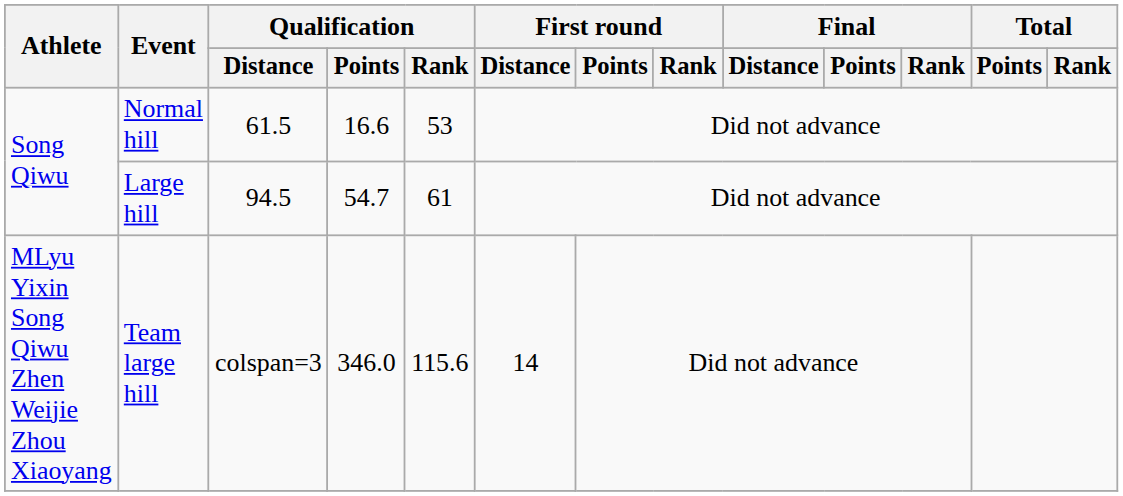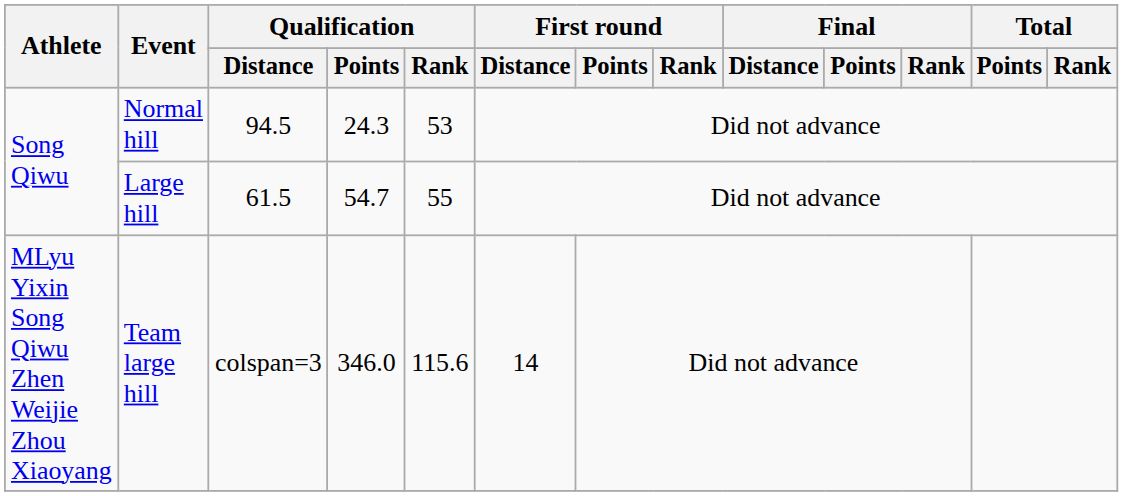 <table class=wikitable style=font-size:90%;text-align:center>
 <tr>
 <th rowspan=2>Athlete</th>
 <th rowspan=2>Event</th>
 <th colspan=3>Qualification</th>
 <th colspan=3>First round</th>
 <th colspan=3>Final</th>
 <th colspan=2>Total</th>
 </tr>
 <tr style="font-size:95%">
 <th>Distance</th>
 <th>Points</th>
 <th>Rank</th>
 <th>Distance</th>
 <th>Points</th>
 <th>Rank</th>
 <th>Distance</th>
 <th>Points</th>
 <th>Rank</th>
 <th>Points</th>
 <th>Rank</th>
 </tr>
 <tr>
 <td align=left rowspan=2><a href='#'>Song Qiwu</a></td>
 <td align=left><a href='#'>Normal hill</a></td>
-<td>61.5</td>
-<td>16.6</td>
+<td>94.5</td>
+<td>24.3</td>
 <td>53</td>
 <td colspan=8>Did not advance</td>
 </tr>
 <tr>
 <td align=left><a href='#'>Large hill</a></td>
-<td>94.5</td>
+<td>61.5</td>
 <td>54.7</td>
-<td>61</td>
+<td>55</td>
 <td colspan=8>Did not advance</td>
 </tr>
 <tr>
 <td align=left><a href='#'>MLyu Yixin</a><br><a href='#'>Song Qiwu</a><br><a href='#'>Zhen Weijie</a><br><a href='#'>Zhou Xiaoyang</a></td>
 <td align=left><a href='#'>Team large hill</a></td>
 <td>colspan=3 </td>
 <td>346.0</td>
 <td>115.6</td>
 <td>14</td>
 <td colspan=5>Did not advance</td>
 </tr>
 </table>
